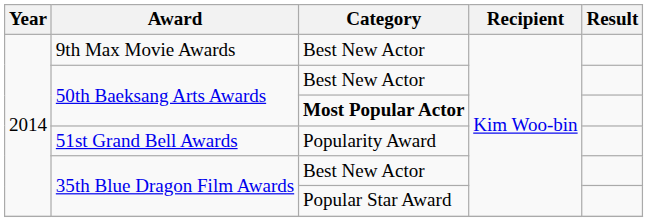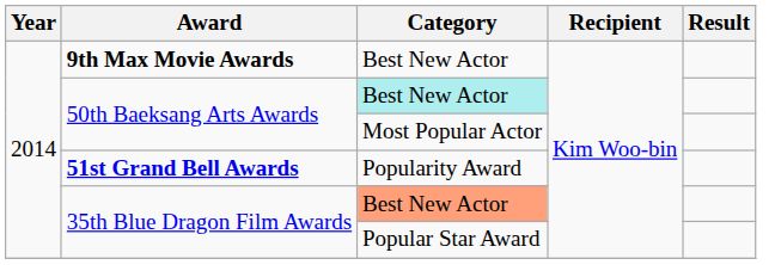 <table class="wikitable sortable">
 <tr>
 <th>Year</th>
 <th>Award</th>
 <th>Category</th>
 <th>Recipient</th>
 <th>Result</th>
 </tr>
 <tr>
 <td rowspan="6">2014</td>
-<td>9th Max Movie Awards</td>
+<td><strong>9th Max Movie Awards</strong></td>
 <td>Best New Actor</td>
 <td rowspan="6"><a href='#'>Kim Woo-bin</a></td>
 <td></td>
 </tr>
 <tr>
 <td rowspan="2"><a href='#'>50th Baeksang Arts Awards</a></td>
-<td>Best New Actor</td>
+<td style="background: paleturquoise;">Best New Actor</td>
 <td></td>
 </tr>
 <tr>
-<td><strong>Most Popular Actor</strong></td>
+<td>Most Popular Actor</td>
 <td></td>
 </tr>
 <tr>
-<td><a href='#'>51st Grand Bell Awards</a></td>
+<td><strong><a href='#'>51st Grand Bell Awards</a></strong></td>
 <td>Popularity Award</td>
 <td></td>
 </tr>
 <tr>
 <td rowspan="2"><a href='#'>35th Blue Dragon Film Awards</a></td>
-<td>Best New Actor</td>
+<td style="background: lightsalmon;">Best New Actor</td>
 <td></td>
 </tr>
 <tr>
 <td>Popular Star Award</td>
 <td></td>
 </tr>
 <tr>
 </tr>
 </table>
